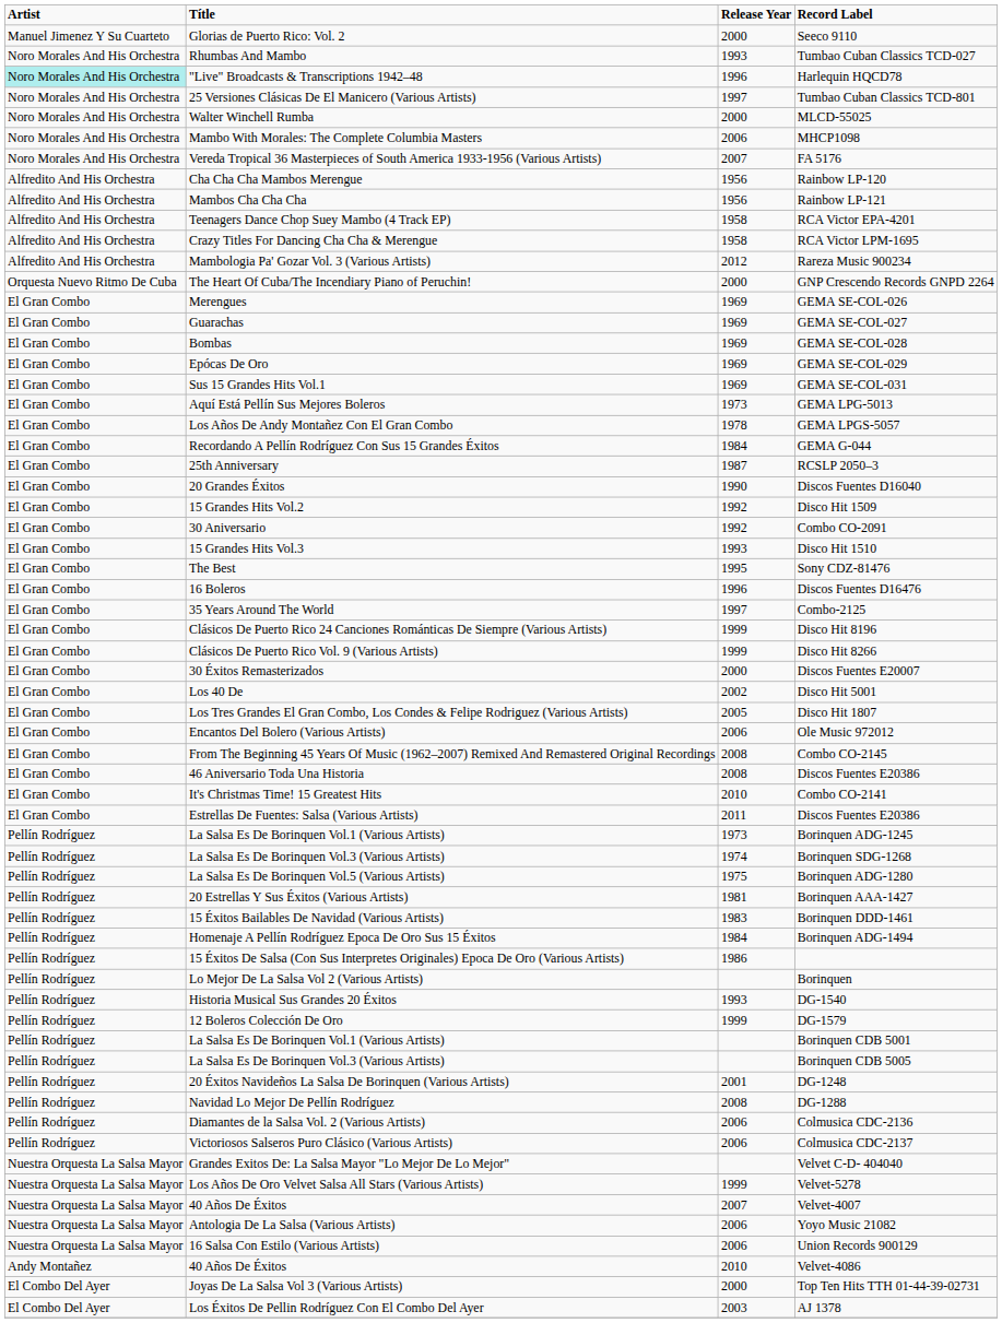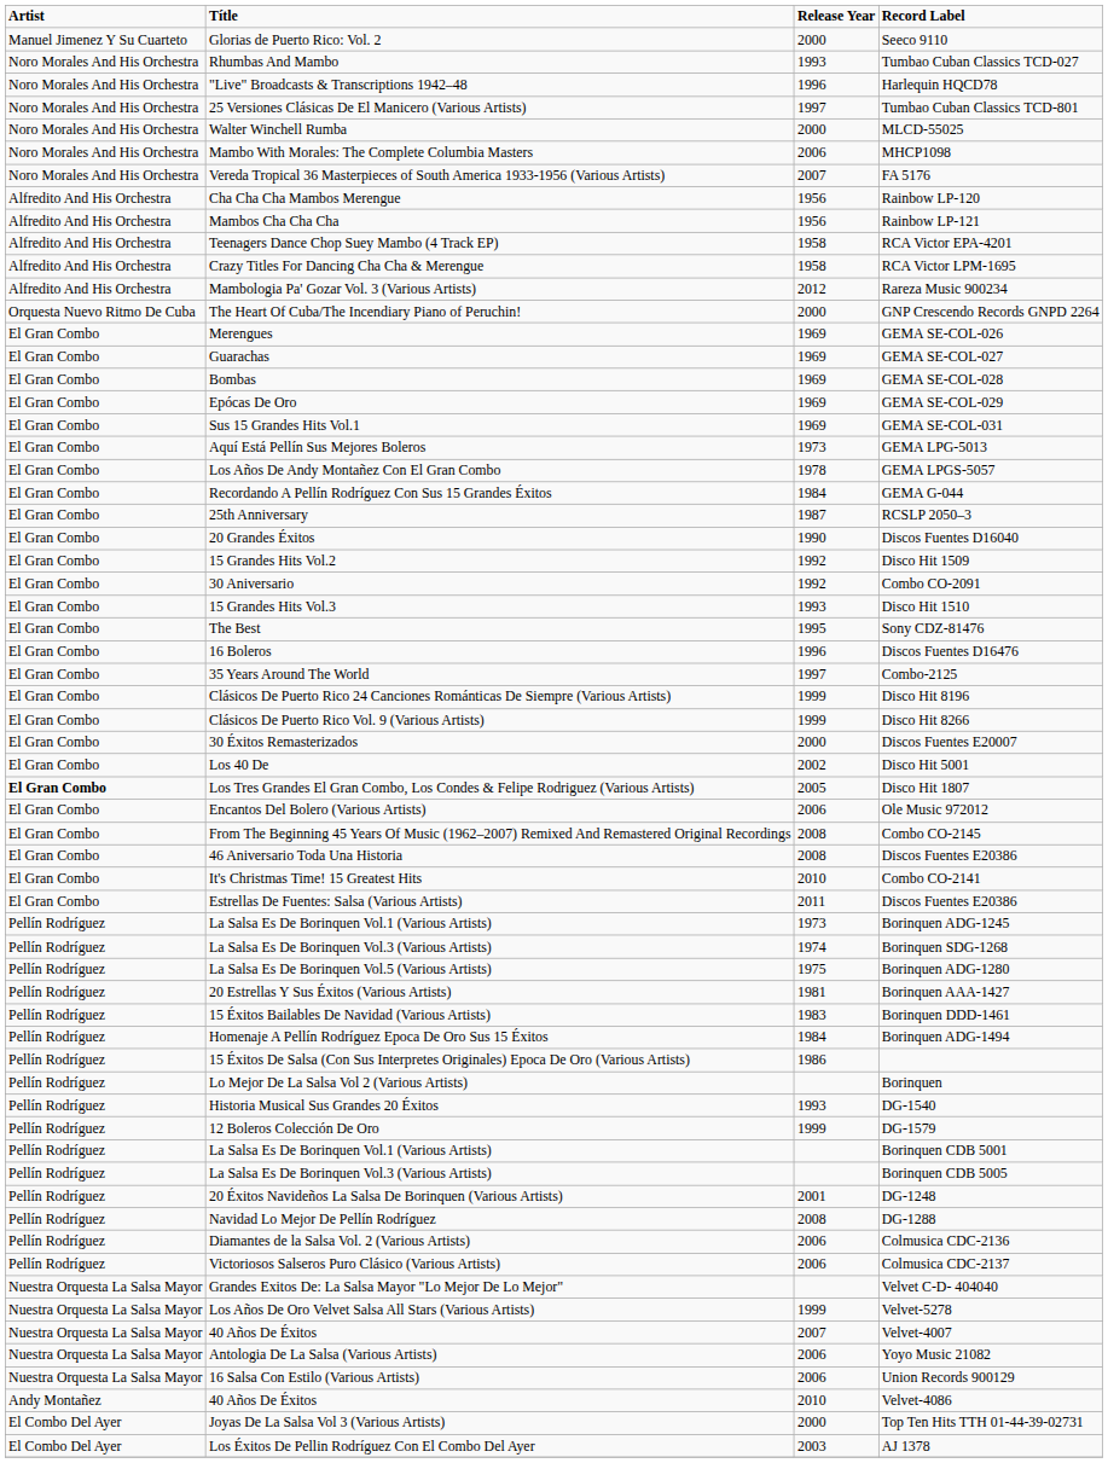 <table border=1 class=wikitable>
 <tr>
 <td color="#f3f300"><strong>Artist</strong></td>
 <td><strong>Títle</strong></td>
 <td><strong>Release Year</strong></td>
 <td><strong>Record Label</strong></td>
 </tr>
 <tr>
 <td>Manuel Jimenez Y Su Cuarteto</td>
 <td>Glorias de Puerto Rico: Vol. 2</td>
 <td>2000</td>
 <td>Seeco 9110</td>
 </tr>
 <tr>
 <td>Noro Morales And His Orchestra</td>
 <td>Rhumbas And Mambo</td>
 <td>1993</td>
 <td>Tumbao Cuban Classics TCD-027</td>
 </tr>
 <tr>
-<td style="background: paleturquoise;">Noro Morales And His Orchestra</td>
+<td>Noro Morales And His Orchestra</td>
 <td>"Live" Broadcasts & Transcriptions 1942–48</td>
 <td>1996</td>
 <td>Harlequin HQCD78</td>
 </tr>
 <tr>
 <td>Noro Morales And His Orchestra</td>
 <td>25 Versiones Clásicas De El Manicero (Various Artists)</td>
 <td>1997</td>
 <td>Tumbao Cuban Classics TCD-801</td>
 </tr>
 <tr>
 <td>Noro Morales And His Orchestra</td>
 <td>Walter Winchell Rumba</td>
 <td>2000</td>
 <td>MLCD-55025</td>
 </tr>
 <tr>
 <td>Noro Morales And His Orchestra</td>
 <td>Mambo With Morales: The Complete Columbia Masters</td>
 <td>2006</td>
 <td>MHCP1098</td>
 </tr>
 <tr>
 <td>Noro Morales And His Orchestra</td>
 <td>Vereda Tropical 36 Masterpieces of South America 1933-1956 (Various Artists)</td>
 <td>2007</td>
 <td>FA 5176</td>
 </tr>
 <tr>
 <td>Alfredito And His Orchestra</td>
 <td>Cha Cha Cha Mambos Merengue</td>
 <td>1956</td>
 <td>Rainbow LP-120</td>
 </tr>
 <tr>
 <td>Alfredito And His Orchestra</td>
 <td>Mambos Cha Cha Cha</td>
 <td>1956</td>
 <td>Rainbow LP-121</td>
 </tr>
 <tr>
 <td>Alfredito And His Orchestra</td>
 <td>Teenagers Dance Chop Suey Mambo (4 Track EP)</td>
 <td>1958</td>
 <td>RCA Victor EPA-4201</td>
 </tr>
 <tr>
 <td>Alfredito And His Orchestra</td>
 <td>Crazy Titles For Dancing Cha Cha & Merengue</td>
 <td>1958</td>
 <td>RCA Victor LPM-1695</td>
 </tr>
 <tr>
 <td>Alfredito And His Orchestra</td>
 <td>Mambologia Pa' Gozar Vol. 3 (Various Artists)</td>
 <td>2012</td>
 <td>Rareza Music 900234</td>
 </tr>
 <tr>
 <td>Orquesta Nuevo Ritmo De Cuba</td>
 <td>The Heart Of Cuba/The Incendiary Piano of Peruchin!</td>
 <td>2000</td>
 <td>GNP Crescendo Records GNPD 2264</td>
 </tr>
 <tr>
 <td>El Gran Combo</td>
 <td>Merengues</td>
 <td>1969</td>
 <td>GEMA SE-COL-026</td>
 </tr>
 <tr>
 <td>El Gran Combo</td>
 <td>Guarachas</td>
 <td>1969</td>
 <td>GEMA SE-COL-027</td>
 </tr>
 <tr>
 <td>El Gran Combo</td>
 <td>Bombas</td>
 <td>1969</td>
 <td>GEMA SE-COL-028</td>
 </tr>
 <tr>
 <td>El Gran Combo</td>
 <td>Epócas De Oro</td>
 <td>1969</td>
 <td>GEMA SE-COL-029</td>
 </tr>
 <tr>
 <td>El Gran Combo</td>
 <td>Sus 15 Grandes Hits Vol.1</td>
 <td>1969</td>
 <td>GEMA SE-COL-031</td>
 </tr>
 <tr>
 <td>El Gran Combo</td>
 <td>Aquí Está Pellín Sus Mejores Boleros</td>
 <td>1973</td>
 <td>GEMA LPG-5013</td>
 </tr>
 <tr>
 <td>El Gran Combo</td>
 <td>Los Años De Andy Montañez Con El Gran Combo</td>
 <td>1978</td>
 <td>GEMA LPGS-5057</td>
 </tr>
 <tr>
 <td>El Gran Combo</td>
 <td>Recordando A Pellín Rodríguez Con Sus 15 Grandes Éxitos</td>
 <td>1984</td>
 <td>GEMA G-044</td>
 </tr>
 <tr>
 <td>El Gran Combo</td>
 <td>25th Anniversary</td>
 <td>1987</td>
 <td>RCSLP 2050–3</td>
 </tr>
 <tr>
 <td>El Gran Combo</td>
 <td>20 Grandes Éxitos</td>
 <td>1990</td>
 <td>Discos Fuentes D16040</td>
 </tr>
 <tr>
 <td>El Gran Combo</td>
 <td>15 Grandes Hits Vol.2</td>
 <td>1992</td>
 <td>Disco Hit 1509</td>
 </tr>
 <tr>
 <td>El Gran Combo</td>
 <td>30 Aniversario</td>
 <td>1992</td>
 <td>Combo CO-2091</td>
 </tr>
 <tr>
 <td>El Gran Combo</td>
 <td>15 Grandes Hits Vol.3</td>
 <td>1993</td>
 <td>Disco Hit 1510</td>
 </tr>
 <tr>
 <td>El Gran Combo</td>
 <td>The Best</td>
 <td>1995</td>
 <td>Sony CDZ-81476</td>
 </tr>
 <tr>
 <td>El Gran Combo</td>
 <td>16 Boleros</td>
 <td>1996</td>
 <td>Discos Fuentes D16476</td>
 </tr>
 <tr>
 <td>El Gran Combo</td>
 <td>35 Years Around The World</td>
 <td>1997</td>
 <td>Combo-2125</td>
 </tr>
 <tr>
 <td>El Gran Combo</td>
 <td>Clásicos De Puerto Rico 24 Canciones Románticas De Siempre (Various Artists)</td>
 <td>1999</td>
 <td>Disco Hit 8196</td>
 </tr>
 <tr>
 <td>El Gran Combo</td>
 <td>Clásicos De Puerto Rico Vol. 9 (Various Artists)</td>
 <td>1999</td>
 <td>Disco Hit 8266</td>
 </tr>
 <tr>
 <td>El Gran Combo</td>
 <td>30 Éxitos Remasterizados</td>
 <td>2000</td>
 <td>Discos Fuentes E20007</td>
 </tr>
 <tr>
 <td>El Gran Combo</td>
 <td>Los 40 De</td>
 <td>2002</td>
 <td>Disco Hit 5001</td>
 </tr>
 <tr>
-<td>El Gran Combo</td>
+<td><strong>El Gran Combo</strong></td>
 <td>Los Tres Grandes El Gran Combo, Los Condes & Felipe Rodriguez (Various Artists)</td>
 <td>2005</td>
 <td>Disco Hit 1807</td>
 </tr>
 <tr>
 <td>El Gran Combo</td>
 <td>Encantos Del Bolero  (Various Artists)</td>
 <td>2006</td>
 <td>Ole Music 972012</td>
 </tr>
 <tr>
 <td>El Gran Combo</td>
 <td>From The Beginning 45 Years Of Music (1962–2007) Remixed And Remastered Original Recordings</td>
 <td>2008</td>
 <td>Combo CO-2145</td>
 </tr>
 <tr>
 <td>El Gran Combo</td>
 <td>46 Aniversario Toda Una Historia</td>
 <td>2008</td>
 <td>Discos Fuentes E20386</td>
 </tr>
 <tr>
 <td>El Gran Combo</td>
 <td>It's Christmas Time! 15 Greatest Hits</td>
 <td>2010</td>
 <td>Combo CO-2141</td>
 </tr>
 <tr>
 <td>El Gran Combo</td>
 <td>Estrellas De Fuentes: Salsa (Various Artists)</td>
 <td>2011</td>
 <td>Discos Fuentes E20386</td>
 </tr>
 <tr>
 <td>Pellín Rodríguez</td>
 <td>La Salsa Es De Borinquen Vol.1 (Various Artists)</td>
 <td>1973</td>
 <td>Borinquen ADG-1245</td>
 </tr>
 <tr>
 <td>Pellín Rodríguez</td>
 <td>La Salsa Es De Borinquen Vol.3 (Various Artists)</td>
 <td>1974</td>
 <td>Borinquen SDG-1268</td>
 </tr>
 <tr>
 <td>Pellín Rodríguez</td>
 <td>La Salsa Es De Borinquen Vol.5 (Various Artists)</td>
 <td>1975</td>
 <td>Borinquen ADG-1280</td>
 </tr>
 <tr>
 <td>Pellín Rodríguez</td>
 <td>20 Estrellas Y Sus Éxitos (Various Artists)</td>
 <td>1981</td>
 <td>Borinquen AAA-1427</td>
 </tr>
 <tr>
 <td>Pellín Rodríguez</td>
 <td>15 Éxitos Bailables De Navidad (Various Artists)</td>
 <td>1983</td>
 <td>Borinquen DDD-1461</td>
 </tr>
 <tr>
 <td>Pellín Rodríguez</td>
 <td>Homenaje A Pellín Rodríguez Epoca De Oro Sus 15 Éxitos</td>
 <td>1984</td>
 <td>Borinquen ADG-1494</td>
 </tr>
 <tr>
 <td>Pellín Rodríguez</td>
 <td>15 Éxitos De Salsa (Con Sus Interpretes Originales) Epoca De Oro  (Various Artists)</td>
 <td>1986</td>
 <td></td>
 </tr>
 <tr>
 <td>Pellín Rodríguez</td>
 <td>Lo Mejor De La Salsa Vol 2 (Various Artists)</td>
 <td></td>
 <td>Borinquen</td>
 </tr>
 <tr>
 <td>Pellín Rodríguez</td>
 <td>Historia Musical Sus Grandes 20 Éxitos</td>
 <td>1993</td>
 <td>DG-1540</td>
 </tr>
 <tr>
 <td>Pellín Rodríguez</td>
 <td>12 Boleros Colección De Oro</td>
 <td>1999</td>
 <td>DG-1579</td>
 </tr>
 <tr>
 <td>Pellín Rodríguez</td>
 <td>La Salsa Es De Borinquen Vol.1 (Various Artists)</td>
 <td></td>
 <td>Borinquen CDB 5001</td>
 </tr>
 <tr>
 <td>Pellín Rodríguez</td>
 <td>La Salsa Es De Borinquen Vol.3 (Various Artists)</td>
 <td></td>
 <td>Borinquen CDB 5005</td>
 </tr>
 <tr>
 <td>Pellín Rodríguez</td>
 <td>20 Éxitos Navideños La Salsa De Borinquen (Various Artists)</td>
 <td>2001</td>
 <td>DG-1248</td>
 </tr>
 <tr>
 <td>Pellín Rodríguez</td>
 <td>Navidad Lo Mejor De Pellín Rodríguez</td>
 <td>2008</td>
 <td>DG-1288</td>
 </tr>
 <tr>
 <td>Pellín Rodríguez</td>
 <td>Diamantes de la Salsa Vol. 2 (Various Artists)</td>
 <td>2006</td>
 <td>Colmusica CDC-2136</td>
 </tr>
 <tr>
 <td>Pellín Rodríguez</td>
 <td>Victoriosos Salseros Puro Clásico (Various Artists)</td>
 <td>2006</td>
 <td>Colmusica CDC-2137</td>
 </tr>
 <tr>
 <td>Nuestra Orquesta La Salsa Mayor</td>
 <td>Grandes Exitos De: La Salsa Mayor "Lo Mejor De Lo Mejor"</td>
 <td></td>
 <td>Velvet C-D- 404040</td>
 </tr>
 <tr>
 <td>Nuestra Orquesta La Salsa Mayor</td>
 <td>Los Años De Oro Velvet Salsa All Stars (Various Artists)</td>
 <td>1999</td>
 <td>Velvet-5278</td>
 </tr>
 <tr>
 <td>Nuestra Orquesta La Salsa Mayor</td>
 <td>40 Años De Éxitos</td>
 <td>2007</td>
 <td>Velvet-4007</td>
 </tr>
 <tr>
 <td>Nuestra Orquesta La Salsa Mayor</td>
 <td>Antologia De La Salsa (Various Artists)</td>
 <td>2006</td>
 <td>Yoyo Music 21082</td>
 </tr>
 <tr>
 <td>Nuestra Orquesta La Salsa Mayor</td>
 <td>16 Salsa Con Estilo (Various Artists)</td>
 <td>2006</td>
 <td>Union Records 900129</td>
 </tr>
 <tr>
 <td>Andy Montañez</td>
 <td>40 Años De Éxitos</td>
 <td>2010</td>
 <td>Velvet-4086</td>
 </tr>
 <tr>
 <td>El Combo Del Ayer</td>
 <td>Joyas De La Salsa Vol 3 (Various Artists)</td>
 <td>2000</td>
 <td>Top Ten Hits TTH 01-44-39-02731</td>
 </tr>
 <tr>
 <td>El Combo Del Ayer</td>
 <td>Los Éxitos De Pellin Rodríguez Con El Combo Del Ayer</td>
 <td>2003</td>
 <td>AJ 1378</td>
 </tr>
 <tr>
 </tr>
 </table>
